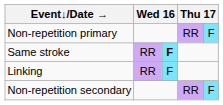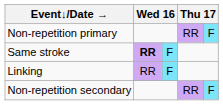 <table class="wikitable" style="margin:0.5em auto; font-size:90%; line-height:1.25em; text-align:center;">
 <tr>
 <th>Event↓/Date →</th>
 <th colspan="2">Wed 16</th>
 <th colspan="2">Thu 17</th>
 </tr>
 <tr>
 <td style="text-align:left;">Non-repetition primary</td>
 <td colspan="2"></td>
 <td style="background-color:#D0A9F5;">RR</td>
 <td style="background-color:#7DE5FA;">F</td>
 </tr>
 <tr>
 <td style="text-align:left;">Same stroke</td>
-<td style="background-color:#D0A9F5;">RR</td>
-<td style="background-color:#7DE5FA;"><strong>F</strong></td>
+<td style="background-color:#D0A9F5;"><strong>RR</strong></td>
+<td style="background-color:#7DE5FA;">F</td>
 <td colspan="2"></td>
 </tr>
 <tr>
 <td style="text-align:left;">Linking</td>
 <td style="background-color:#D0A9F5;">RR</td>
 <td style="background-color:#7DE5FA;">F</td>
 <td colspan="2"></td>
 </tr>
 <tr>
 <td style="text-align:left;">Non-repetition secondary</td>
 <td colspan="2"></td>
 <td style="background-color:#D0A9F5;">RR</td>
 <td style="background-color:#7DE5FA;">F</td>
 </tr>
 </table>
